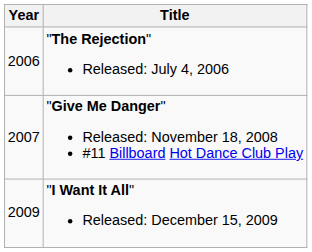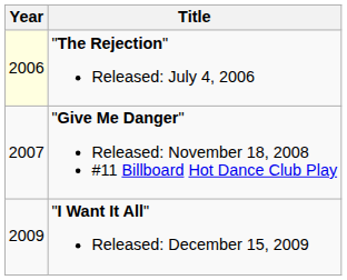 <table class="wikitable">
 <tr>
 <th>Year</th>
 <th>Title</th>
 </tr>
 <tr>
-<td>2006</td>
+<td style="background: lightyellow;">2006</td>
 <td>"<strong>The Rejection</strong>"<br><ul><li>Released: July 4, 2006</li></ul></td>
 </tr>
 <tr>
 <td>2007</td>
 <td>"<strong>Give Me Danger</strong>"<br><ul><li>Released: November 18, 2008</li><li>#11 <a href='#'>Billboard</a> <a href='#'>Hot Dance Club Play</a></li></ul></td>
 </tr>
 <tr>
 <td>2009</td>
 <td>"<strong>I Want It All</strong>"<br><ul><li>Released: December 15, 2009</li></ul></td>
 </tr>
 </table>
